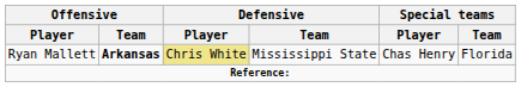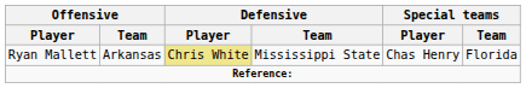 <table class="wikitable" border="1">
 <tr>
 <th colspan="2">Offensive</th>
 <th colspan="2">Defensive</th>
 <th colspan="2">Special teams</th>
 </tr>
 <tr>
 <th>Player</th>
 <th>Team</th>
 <th>Player</th>
 <th>Team</th>
 <th>Player</th>
 <th>Team</th>
 </tr>
 <tr>
 <td>Ryan Mallett</td>
-<td><strong>Arkansas</strong></td>
+<td>Arkansas</td>
 <td style="background: khaki;">Chris White</td>
 <td>Mississippi State</td>
 <td>Chas Henry</td>
 <td>Florida</td>
 </tr>
 <tr>
 <td colspan="6" style="font-size: 8pt" align="center"><strong>Reference:</strong></td>
 </tr>
 </table>
